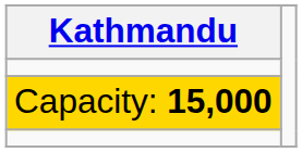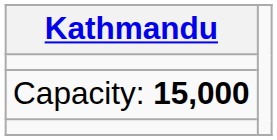 <table class="wikitable" style="text-align:center;margin:1em auto;">
 <tr>
 <th><a href='#'>Kathmandu</a></th>
 <td rowspan="4"></td>
 </tr>
 <tr>
 <td></td>
 </tr>
 <tr>
-<td style="background: gold;">Capacity: <strong>15,000</strong></td>
+<td>Capacity: <strong>15,000</strong></td>
 </tr>
 <tr>
 <td></td>
 </tr>
 </table>
